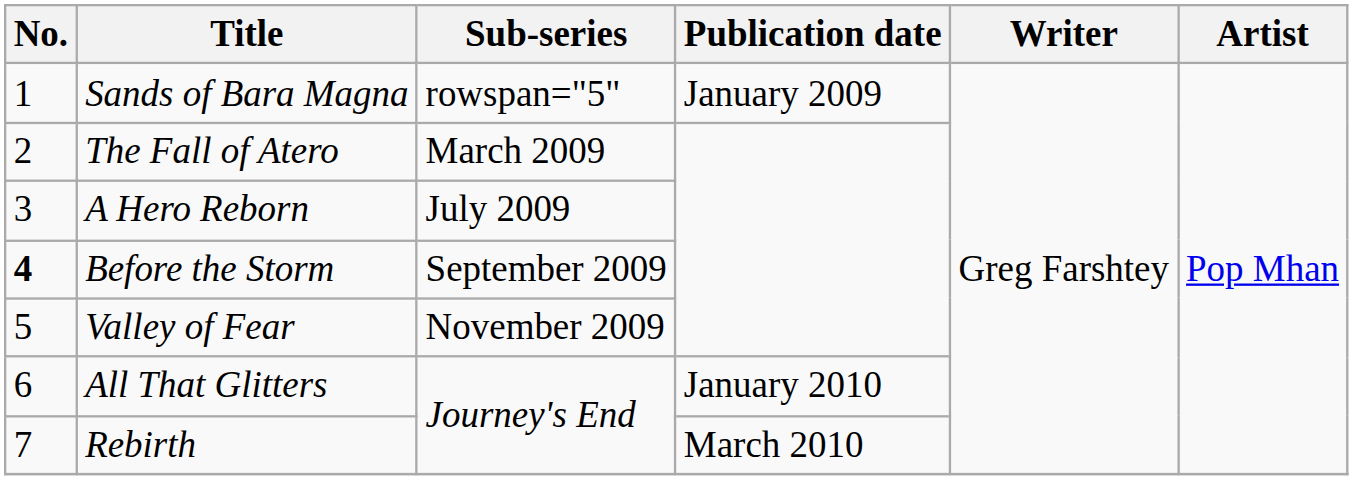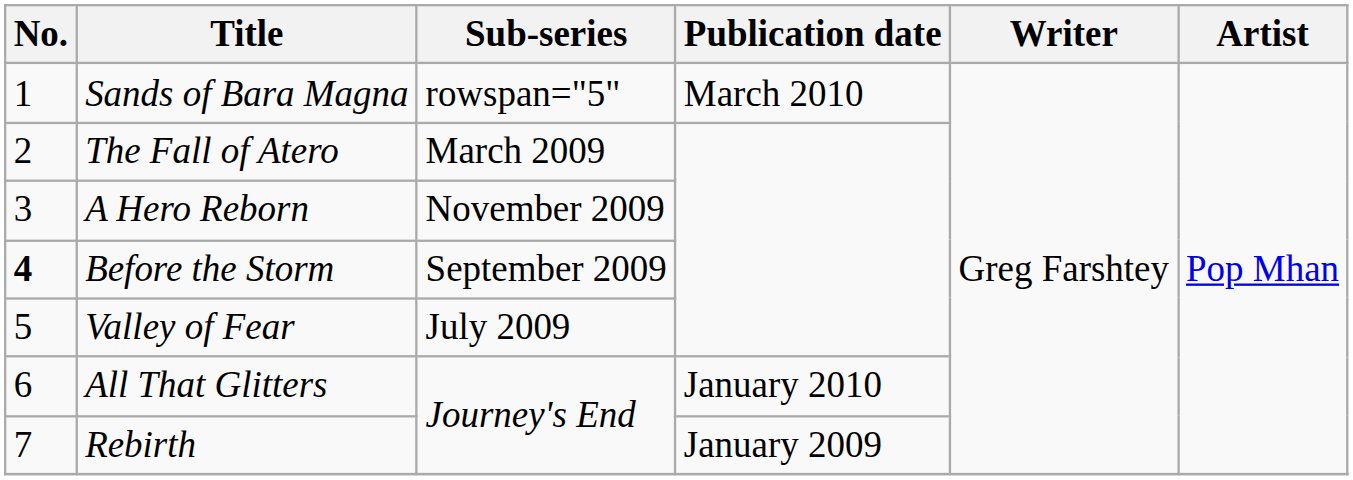 <table class="wikitable">
 <tr>
 <th>No.</th>
 <th>Title</th>
 <th>Sub-series</th>
 <th>Publication date</th>
 <th>Writer</th>
 <th>Artist</th>
 </tr>
 <tr>
 <td>1</td>
 <td><em>Sands of Bara Magna</em></td>
 <td>rowspan="5"</td>
-<td>January 2009</td>
+<td>March 2010</td>
 <td rowspan="7">Greg Farshtey</td>
 <td rowspan="7"><a href='#'>Pop Mhan</a></td>
 </tr>
 <tr>
 <td>2</td>
 <td><em>The Fall of Atero</em></td>
 <td>March 2009</td>
 </tr>
 <tr>
 <td>3</td>
 <td><em>A Hero Reborn</em></td>
-<td>July 2009</td>
+<td>November 2009</td>
 </tr>
 <tr>
 <td><strong>4</strong></td>
 <td><em>Before the Storm</em></td>
 <td>September 2009</td>
 </tr>
 <tr>
 <td>5</td>
 <td><em>Valley of Fear</em></td>
-<td>November 2009</td>
+<td>July 2009</td>
 </tr>
 <tr>
 <td>6</td>
 <td><em>All That Glitters</em></td>
 <td rowspan="2"><em>Journey's End</em></td>
 <td>January 2010</td>
 </tr>
 <tr>
 <td>7</td>
 <td><em>Rebirth</em></td>
-<td>March 2010</td>
+<td>January 2009</td>
 </tr>
 <tr>
 </tr>
 </table>
